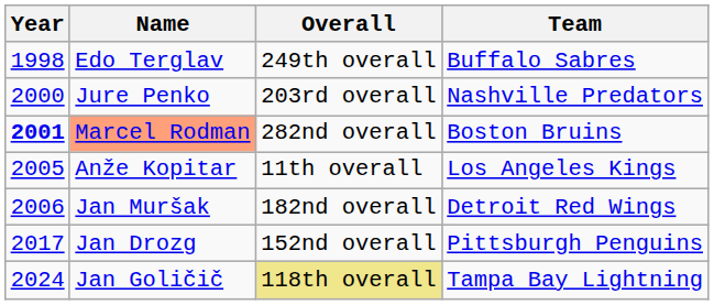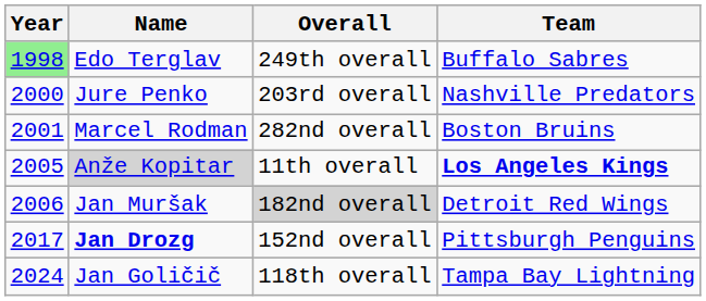 <table class="wikitable">
 <tr>
 <th>Year</th>
 <th>Name</th>
 <th>Overall</th>
 <th>Team</th>
 </tr>
 <tr>
-<td><a href='#'>1998</a></td>
+<td style="background: lightgreen;"><a href='#'>1998</a></td>
 <td><a href='#'>Edo Terglav</a></td>
 <td>249th overall</td>
 <td><a href='#'>Buffalo Sabres</a></td>
 </tr>
 <tr>
 <td><a href='#'>2000</a></td>
 <td><a href='#'>Jure Penko</a></td>
 <td>203rd overall</td>
 <td><a href='#'>Nashville Predators</a></td>
 </tr>
 <tr>
-<td><strong><a href='#'>2001</a></strong></td>
-<td style="background: lightsalmon;"><a href='#'>Marcel Rodman</a></td>
+<td><a href='#'>2001</a></td>
+<td><a href='#'>Marcel Rodman</a></td>
 <td>282nd overall</td>
 <td><a href='#'>Boston Bruins</a></td>
 </tr>
 <tr>
 <td><a href='#'>2005</a></td>
-<td><a href='#'>Anže Kopitar</a></td>
+<td style="background: lightgrey;"><a href='#'>Anže Kopitar</a></td>
 <td>11th overall</td>
-<td><a href='#'>Los Angeles Kings</a></td>
+<td><strong><a href='#'>Los Angeles Kings</a></strong></td>
 </tr>
 <tr>
 <td><a href='#'>2006</a></td>
 <td><a href='#'>Jan Muršak</a></td>
-<td>182nd overall</td>
+<td style="background: lightgrey;">182nd overall</td>
 <td><a href='#'>Detroit Red Wings</a></td>
 </tr>
 <tr>
 <td><a href='#'>2017</a></td>
-<td><a href='#'>Jan Drozg</a></td>
+<td><strong><a href='#'>Jan Drozg</a></strong></td>
 <td>152nd overall</td>
 <td><a href='#'>Pittsburgh Penguins</a></td>
 </tr>
 <tr>
 <td><a href='#'>2024</a></td>
 <td><a href='#'>Jan Goličič</a></td>
-<td style="background: khaki;">118th overall</td>
+<td>118th overall</td>
 <td><a href='#'>Tampa Bay Lightning</a></td>
 </tr>
 </table>
